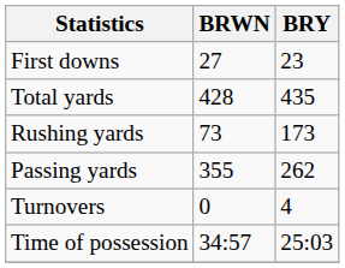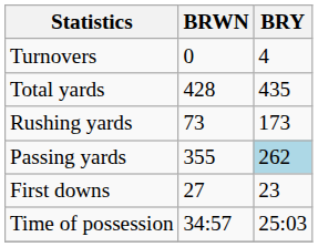 <table class="wikitable">
 <tr>
 <th>Statistics</th>
 <th>BRWN</th>
 <th>BRY</th>
 </tr>
 <tr>
-<td>First downs</td>
-<td>27</td>
-<td>23</td>
+<td>Turnovers</td>
+<td>0</td>
+<td>4</td>
 </tr>
 <tr>
 <td>Total yards</td>
 <td>428</td>
 <td>435</td>
 </tr>
 <tr>
 <td>Rushing yards</td>
 <td>73</td>
 <td>173</td>
 </tr>
 <tr>
 <td>Passing yards</td>
 <td>355</td>
-<td>262</td>
+<td style="background: lightblue;">262</td>
 </tr>
 <tr>
-<td>Turnovers</td>
-<td>0</td>
-<td>4</td>
+<td>First downs</td>
+<td>27</td>
+<td>23</td>
 </tr>
 <tr>
 <td>Time of possession</td>
 <td>34:57</td>
 <td>25:03</td>
 </tr>
 <tr>
 </tr>
 </table>
